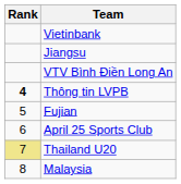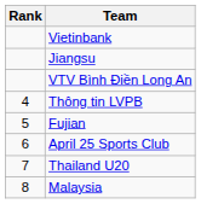 <table class="wikitable" style="text-align: center;">
 <tr>
 <th width=40>Rank</th>
 <th>Team</th>
 </tr>
 <tr>
 <td></td>
 <td align=left> <a href='#'>Vietinbank</a></td>
 </tr>
 <tr>
 <td></td>
 <td align=left> <a href='#'>Jiangsu</a></td>
 </tr>
 <tr>
 <td></td>
 <td align=left> <a href='#'>VTV Bình Điền Long An</a></td>
 </tr>
 <tr>
-<td><strong>4</strong></td>
+<td>4</td>
 <td align=left> <a href='#'>Thông tin LVPB</a></td>
 </tr>
 <tr>
 <td>5</td>
 <td align=left> <a href='#'>Fujian</a></td>
 </tr>
 <tr>
 <td>6</td>
 <td align=left> <a href='#'>April 25 Sports Club</a></td>
 </tr>
 <tr>
-<td style="background: khaki;">7</td>
+<td>7</td>
 <td align=left> <a href='#'>Thailand U20</a></td>
 </tr>
 <tr>
 <td>8</td>
 <td align=left> <a href='#'>Malaysia</a></td>
 </tr>
 </table>
